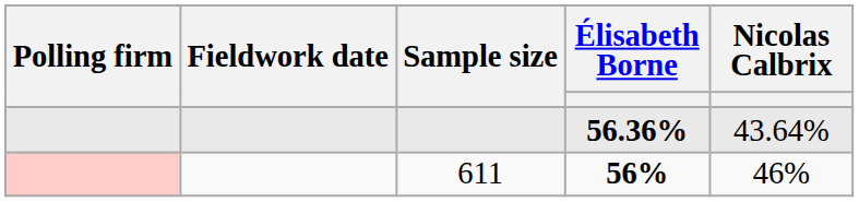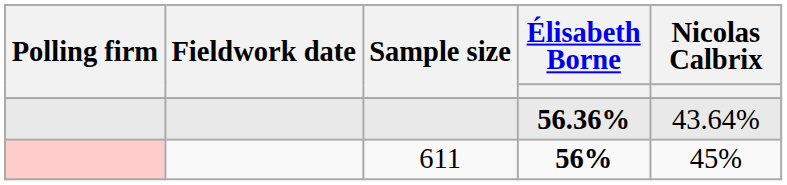 <table class="wikitable sortable" style="text-align:center;font-size:90%;line-height:14px">
 <tr style="height:40px;">
 <th rowspan="2">Polling firm</th>
 <th rowspan="2">Fieldwork date</th>
 <th rowspan="2">Sample size</th>
 <th class="unsortable" style="width:60px"><a href='#'>Élisabeth Borne</a><br></th>
 <th class="unsortable" style="width:60px">Nicolas Calbrix<br></th>
 </tr>
 <tr>
 <th style="background:"></th>
 <th style="background:"></th>
 </tr>
 <tr style="background:#E9E9E9">
 <td></td>
 <td></td>
 <td></td>
 <td style="background-color:#"><strong>56.36%</strong></td>
 <td>43.64%</td>
 </tr>
 <tr>
 <td style="background:#FFCCCC"></td>
 <td></td>
 <td>611</td>
 <td style="background-color:#"><strong>56%</strong></td>
-<td>46%</td>
+<td>45%</td>
 </tr>
 </table>
